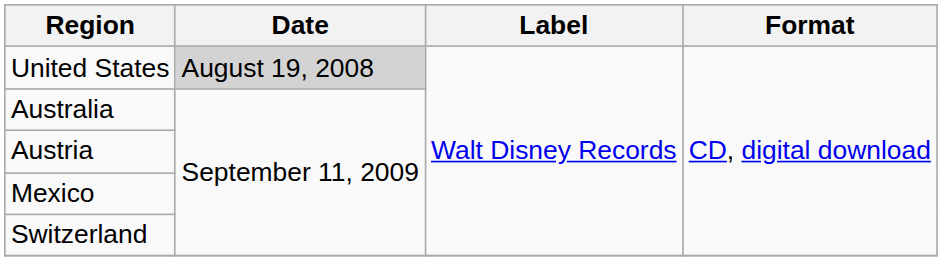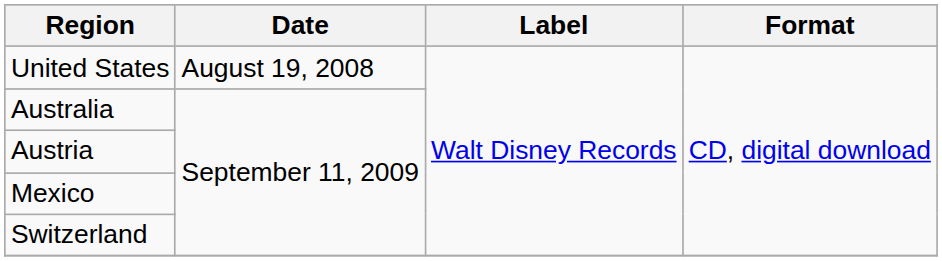 <table class=wikitable>
 <tr>
 <th>Region</th>
 <th>Date</th>
 <th>Label</th>
 <th>Format</th>
 </tr>
 <tr>
 <td>United States</td>
-<td style="background: lightgrey;">August 19, 2008</td>
+<td>August 19, 2008</td>
 <td rowspan="5"><a href='#'>Walt Disney Records</a></td>
 <td rowspan="5"><a href='#'>CD</a>, <a href='#'>digital download</a></td>
 </tr>
 <tr>
 <td>Australia</td>
 <td rowspan="4">September 11, 2009</td>
 </tr>
 <tr>
 <td>Austria</td>
 </tr>
 <tr>
 <td>Mexico</td>
 </tr>
 <tr>
 <td>Switzerland</td>
 </tr>
 <tr>
 </tr>
 </table>
